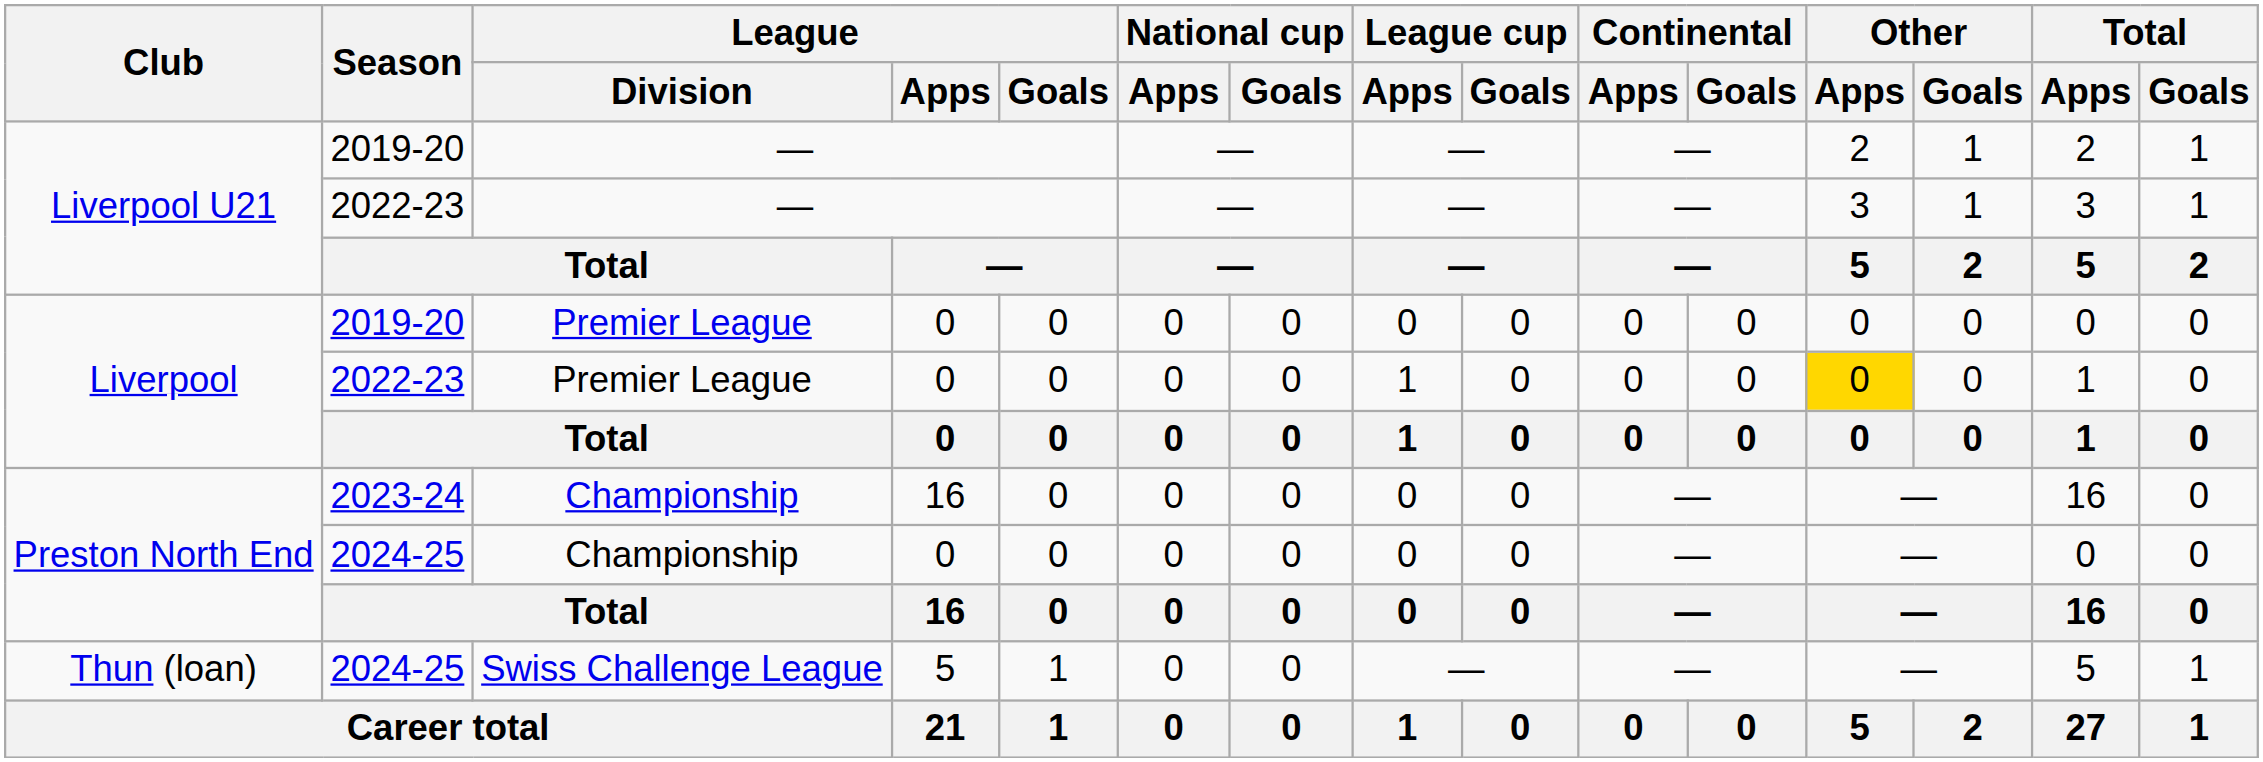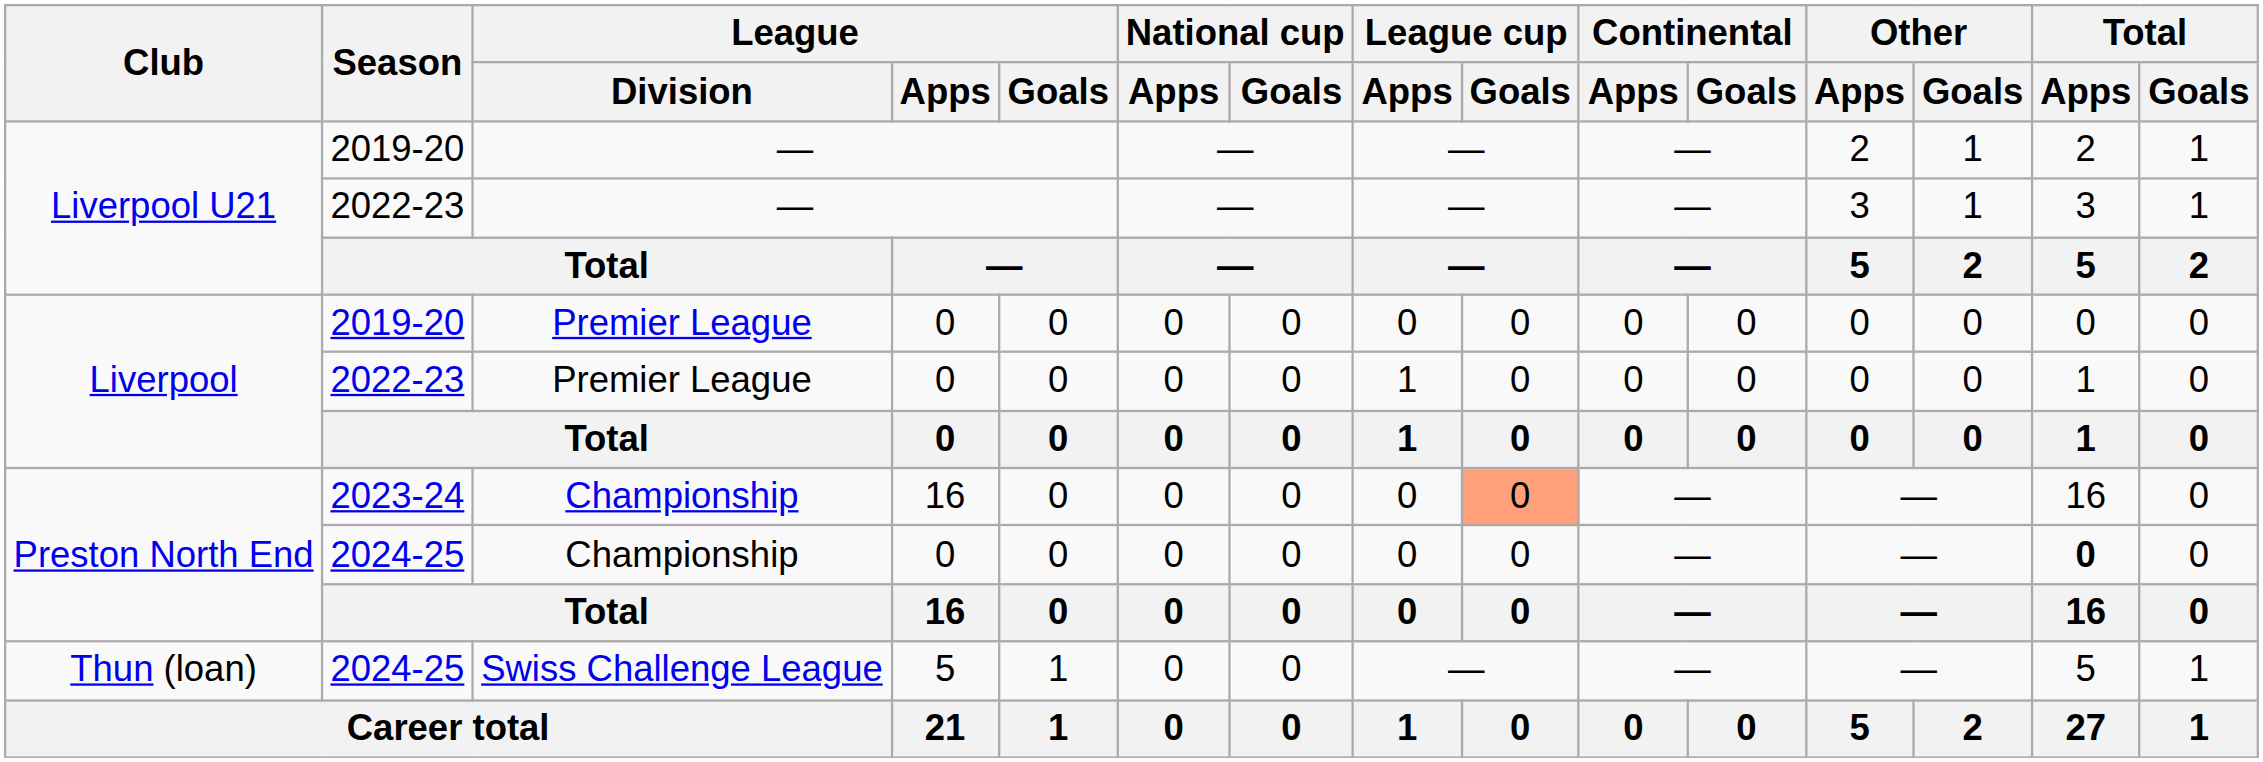 <table class="wikitable" style="text-align:center">
 <tr>
 <th rowspan="2">Club</th>
 <th rowspan="2">Season</th>
 <th colspan="3">League</th>
 <th colspan="2">National cup</th>
 <th colspan="2">League cup</th>
 <th colspan="2">Continental</th>
 <th colspan="2">Other</th>
 <th colspan="2">Total</th>
 </tr>
 <tr>
 <th>Division</th>
 <th>Apps</th>
 <th>Goals</th>
 <th>Apps</th>
 <th>Goals</th>
 <th>Apps</th>
 <th>Goals</th>
 <th>Apps</th>
 <th>Goals</th>
 <th>Apps</th>
 <th>Goals</th>
 <th>Apps</th>
 <th>Goals</th>
 </tr>
 <tr>
 <td rowspan="3"><a href='#'>Liverpool U21</a></td>
 <td>2019-20</td>
 <td colspan="3">—</td>
 <td colspan="2">—</td>
 <td colspan="2">—</td>
 <td colspan="2">—</td>
 <td>2</td>
 <td>1</td>
 <td>2</td>
 <td>1</td>
 </tr>
 <tr>
 <td>2022-23</td>
 <td colspan="3">—</td>
 <td colspan="2">—</td>
 <td colspan="2">—</td>
 <td colspan="2">—</td>
 <td>3</td>
 <td>1</td>
 <td>3</td>
 <td>1</td>
 </tr>
 <tr>
 <th colspan="2">Total</th>
 <th colspan="2">—</th>
 <th colspan="2">—</th>
 <th colspan="2">—</th>
 <th colspan="2">—</th>
 <th>5</th>
 <th>2</th>
 <th>5</th>
 <th>2</th>
 </tr>
 <tr>
 <td rowspan="3"><a href='#'>Liverpool</a></td>
 <td><a href='#'>2019-20</a></td>
 <td><a href='#'>Premier League</a></td>
 <td>0</td>
 <td>0</td>
 <td>0</td>
 <td>0</td>
 <td>0</td>
 <td>0</td>
 <td>0</td>
 <td>0</td>
 <td>0</td>
 <td>0</td>
 <td>0</td>
 <td>0</td>
 </tr>
 <tr>
 <td><a href='#'>2022-23</a></td>
 <td>Premier League</td>
 <td>0</td>
 <td>0</td>
 <td>0</td>
 <td>0</td>
 <td>1</td>
 <td>0</td>
 <td>0</td>
 <td>0</td>
-<td style="background: gold;">0</td>
+<td>0</td>
 <td>0</td>
 <td>1</td>
 <td>0</td>
 </tr>
 <tr>
 <th colspan="2">Total</th>
 <th>0</th>
 <th>0</th>
 <th>0</th>
 <th>0</th>
 <th>1</th>
 <th>0</th>
 <th>0</th>
 <th>0</th>
 <th>0</th>
 <th>0</th>
 <th>1</th>
 <th>0</th>
 </tr>
 <tr>
 <td rowspan="3"><a href='#'>Preston North End</a></td>
 <td><a href='#'>2023-24</a></td>
 <td><a href='#'>Championship</a></td>
 <td>16</td>
 <td>0</td>
 <td>0</td>
 <td>0</td>
 <td>0</td>
-<td>0</td>
+<td style="background: lightsalmon;">0</td>
 <td colspan="2">—</td>
 <td colspan="2">—</td>
 <td>16</td>
 <td>0</td>
 </tr>
 <tr>
 <td><a href='#'>2024-25</a></td>
 <td>Championship</td>
 <td>0</td>
 <td>0</td>
 <td>0</td>
 <td>0</td>
 <td>0</td>
 <td>0</td>
 <td colspan="2">—</td>
 <td colspan="2">—</td>
-<td>0</td>
+<td><strong>0</strong></td>
 <td>0</td>
 </tr>
 <tr>
 <th colspan="2">Total</th>
 <th>16</th>
 <th>0</th>
 <th>0</th>
 <th>0</th>
 <th>0</th>
 <th>0</th>
 <th colspan="2">—</th>
 <th colspan="2">—</th>
 <th>16</th>
 <th>0</th>
 </tr>
 <tr>
 <td><a href='#'>Thun</a> (loan)</td>
 <td><a href='#'>2024-25</a></td>
 <td><a href='#'>Swiss Challenge League</a></td>
 <td>5</td>
 <td>1</td>
 <td>0</td>
 <td>0</td>
 <td colspan="2">—</td>
 <td colspan="2">—</td>
 <td colspan="2">—</td>
 <td>5</td>
 <td>1</td>
 </tr>
 <tr>
 <th colspan="3">Career total</th>
 <th>21</th>
 <th>1</th>
 <th>0</th>
 <th>0</th>
 <th>1</th>
 <th>0</th>
 <th>0</th>
 <th>0</th>
 <th>5</th>
 <th>2</th>
 <th>27</th>
 <th>1</th>
 </tr>
 </table>
